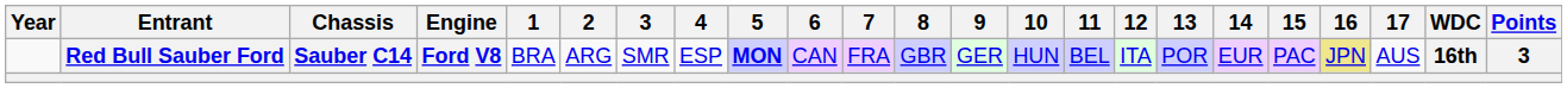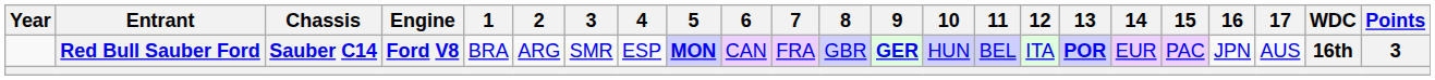 <table class="wikitable" style="text-align:center; font-size:85%">
 <tr>
 <th>Year</th>
 <th>Entrant</th>
 <th>Chassis</th>
 <th>Engine</th>
 <th>1</th>
 <th>2</th>
 <th>3</th>
 <th>4</th>
 <th>5</th>
 <th>6</th>
 <th>7</th>
 <th>8</th>
 <th>9</th>
 <th>10</th>
 <th>11</th>
 <th>12</th>
 <th>13</th>
 <th>14</th>
 <th>15</th>
 <th>16</th>
 <th>17</th>
 <th>WDC</th>
 <th><a href='#'>Points</a></th>
 </tr>
 <tr>
 <td></td>
 <th nowrap><a href='#'>Red Bull Sauber Ford</a></th>
 <th nowrap><a href='#'>Sauber</a> <a href='#'>C14</a></th>
 <th nowrap><a href='#'>Ford</a> <a href='#'>V8</a></th>
 <td><a href='#'>BRA</a></td>
 <td><a href='#'>ARG</a></td>
 <td><a href='#'>SMR</a></td>
 <td><a href='#'>ESP</a></td>
 <td style="background:#CFCFFF;"><strong><a href='#'>MON</a><br></strong></td>
 <td style="background:#EFCFFF;"><a href='#'>CAN</a><br></td>
 <td style="background:#EFCFFF;"><a href='#'>FRA</a><br></td>
 <td style="background:#CFCFFF;"><a href='#'>GBR</a><br></td>
-<td style="background:#DFFFDF;"><a href='#'>GER</a><br></td>
+<td style="background:#DFFFDF;"><strong><a href='#'>GER</a><br></strong></td>
 <td style="background:#CFCFFF;"><a href='#'>HUN</a><br></td>
 <td style="background:#CFCFFF;"><a href='#'>BEL</a><br></td>
 <td style="background:#DFFFDF;"><a href='#'>ITA</a><br></td>
-<td style="background:#CFCFFF;"><a href='#'>POR</a><br></td>
+<td style="background:#CFCFFF;"><strong><a href='#'>POR</a><br></strong></td>
 <td style="background:#EFCFFF;"><a href='#'>EUR</a><br></td>
 <td style="background:#EFCFFF;"><a href='#'>PAC</a><br></td>
-<td style="background: khaki;"><a href='#'>JPN</a></td>
+<td><a href='#'>JPN</a></td>
 <td><a href='#'>AUS</a></td>
 <th>16th</th>
 <th>3</th>
 </tr>
 <tr>
 <th colspan="23"></th>
 </tr>
 </table>
